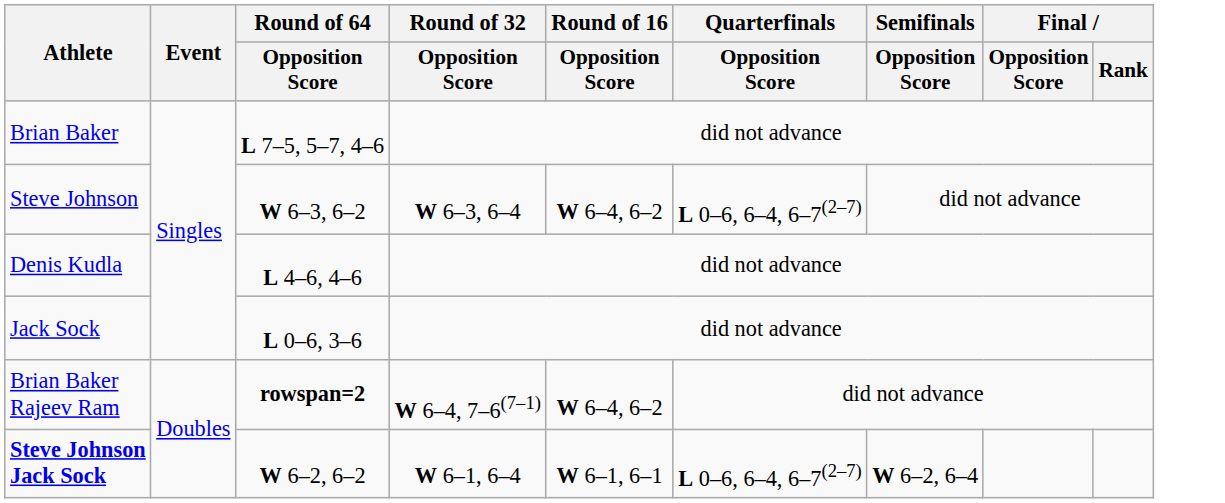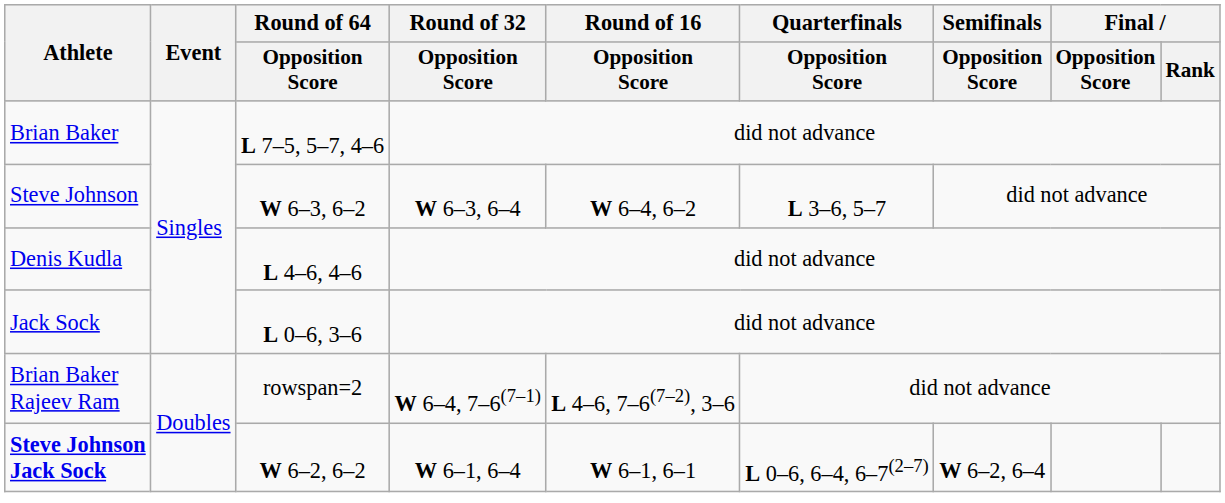 <table class=wikitable style=font-size:90%;text-align:center>
 <tr>
 <th rowspan=2>Athlete</th>
 <th rowspan=2>Event</th>
 <th>Round of 64</th>
 <th>Round of 32</th>
 <th>Round of 16</th>
 <th>Quarterfinals</th>
 <th>Semifinals</th>
 <th colspan=2>Final / </th>
 </tr>
 <tr style=font-size:95%>
 <th>Opposition<br>Score</th>
 <th>Opposition<br>Score</th>
 <th>Opposition<br>Score</th>
 <th>Opposition<br>Score</th>
 <th>Opposition<br>Score</th>
 <th>Opposition<br>Score</th>
 <th>Rank</th>
 </tr>
 <tr>
 <td align=left><a href='#'>Brian Baker</a></td>
 <td align=left rowspan=4><a href='#'>Singles</a></td>
 <td><br><strong>L</strong> 7–5, 5–7, 4–6</td>
 <td colspan=6>did not advance</td>
 </tr>
 <tr>
 <td align=left><a href='#'>Steve Johnson</a></td>
 <td><br><strong>W</strong> 6–3, 6–2</td>
 <td><br><strong>W</strong> 6–3, 6–4</td>
 <td><br><strong>W</strong> 6–4, 6–2</td>
-<td><br><strong>L</strong> 0–6, 6–4, 6–7<sup>(2–7)</sup></td>
+<td><br><strong>L</strong> 3–6, 5–7</td>
 <td colspan=3>did not advance</td>
 </tr>
 <tr>
 <td align=left><a href='#'>Denis Kudla</a></td>
 <td><br><strong>L</strong> 4–6, 4–6</td>
 <td colspan=6>did not advance</td>
 </tr>
 <tr>
 <td align=left><a href='#'>Jack Sock</a></td>
 <td><br><strong>L</strong> 0–6, 3–6</td>
 <td colspan=6>did not advance</td>
 </tr>
 <tr>
 <td align=left><a href='#'>Brian Baker</a><br><a href='#'>Rajeev Ram</a></td>
 <td align=left rowspan=2><a href='#'>Doubles</a></td>
-<td><strong>rowspan=2 </strong></td>
+<td>rowspan=2 </td>
 <td><br><strong>W</strong> 6–4, 7–6<sup>(7–1)</sup></td>
-<td><br><strong>W</strong> 6–4, 6–2</td>
+<td><br><strong>L</strong> 4–6, 7–6<sup>(7–2)</sup>, 3–6</td>
 <td colspan=4>did not advance</td>
 </tr>
 <tr>
 <td align=left><strong><a href='#'>Steve Johnson</a><br><a href='#'>Jack Sock</a></strong></td>
 <td><br><strong>W</strong> 6–2, 6–2</td>
 <td><br><strong>W</strong> 6–1, 6–4</td>
 <td><br><strong>W</strong> 6–1, 6–1</td>
 <td><br><strong>L</strong> 0–6, 6–4, 6–7<sup>(2–7)</sup></td>
 <td><br><strong>W</strong> 6–2, 6–4</td>
 <td></td>
 </tr>
 </table>
